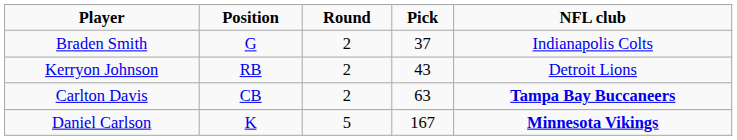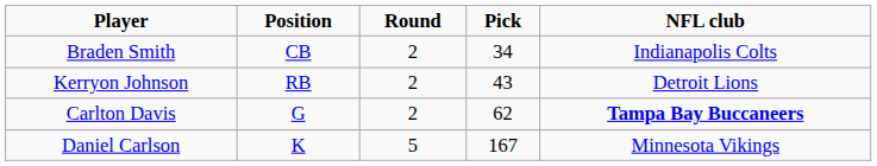 <table class="wikitable" width="80%">
 <tr align="center">
 <td><strong>Player</strong></td>
 <td><strong>Position</strong></td>
 <td><strong>Round</strong></td>
 <td><strong>Pick</strong></td>
 <td><strong>NFL club</strong></td>
 </tr>
 <tr align="center" bgcolor="">
 <td><a href='#'>Braden Smith</a></td>
-<td><a href='#'>G</a></td>
+<td><a href='#'>CB</a></td>
 <td>2</td>
-<td>37</td>
+<td>34</td>
 <td><a href='#'>Indianapolis Colts</a></td>
 </tr>
 <tr align="center" bgcolor="">
 <td><a href='#'>Kerryon Johnson</a></td>
 <td><a href='#'>RB</a></td>
 <td>2</td>
 <td>43</td>
 <td><a href='#'>Detroit Lions</a></td>
 </tr>
 <tr align="center" bgcolor="">
 <td><a href='#'>Carlton Davis</a></td>
-<td><a href='#'>CB</a></td>
+<td><a href='#'>G</a></td>
 <td>2</td>
-<td>63</td>
+<td>62</td>
 <td><strong><a href='#'>Tampa Bay Buccaneers</a></strong></td>
 </tr>
 <tr align="center" bgcolor="">
 <td><a href='#'>Daniel Carlson</a></td>
 <td><a href='#'>K</a></td>
 <td>5</td>
 <td>167</td>
-<td><strong><a href='#'>Minnesota Vikings</a></strong></td>
+<td><a href='#'>Minnesota Vikings</a></td>
 </tr>
 </table>
